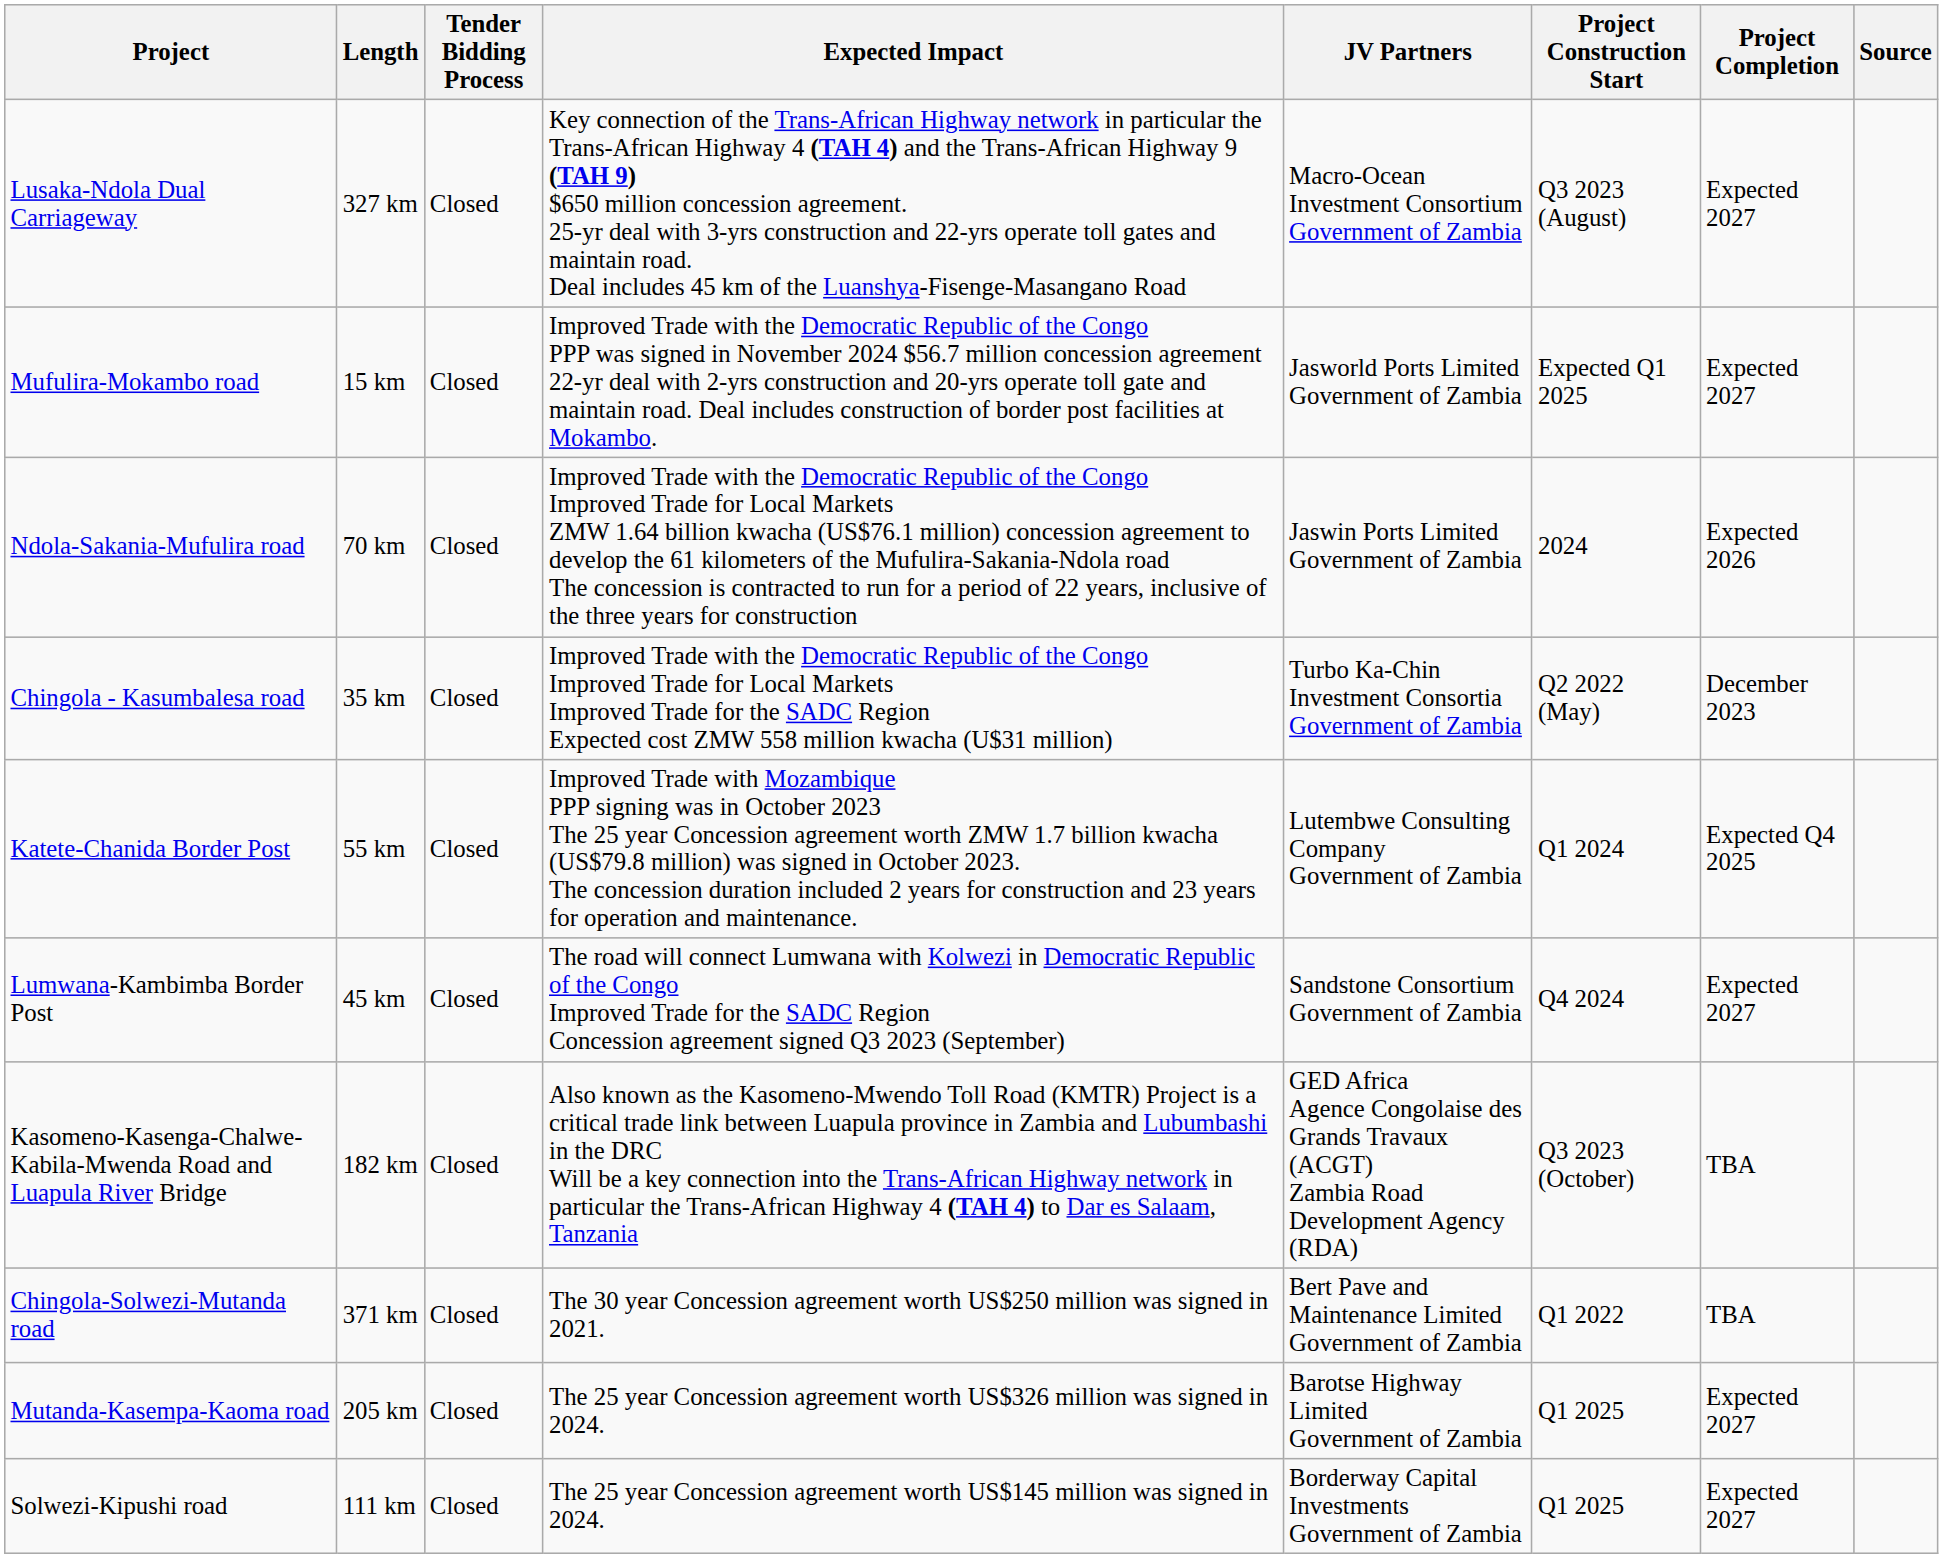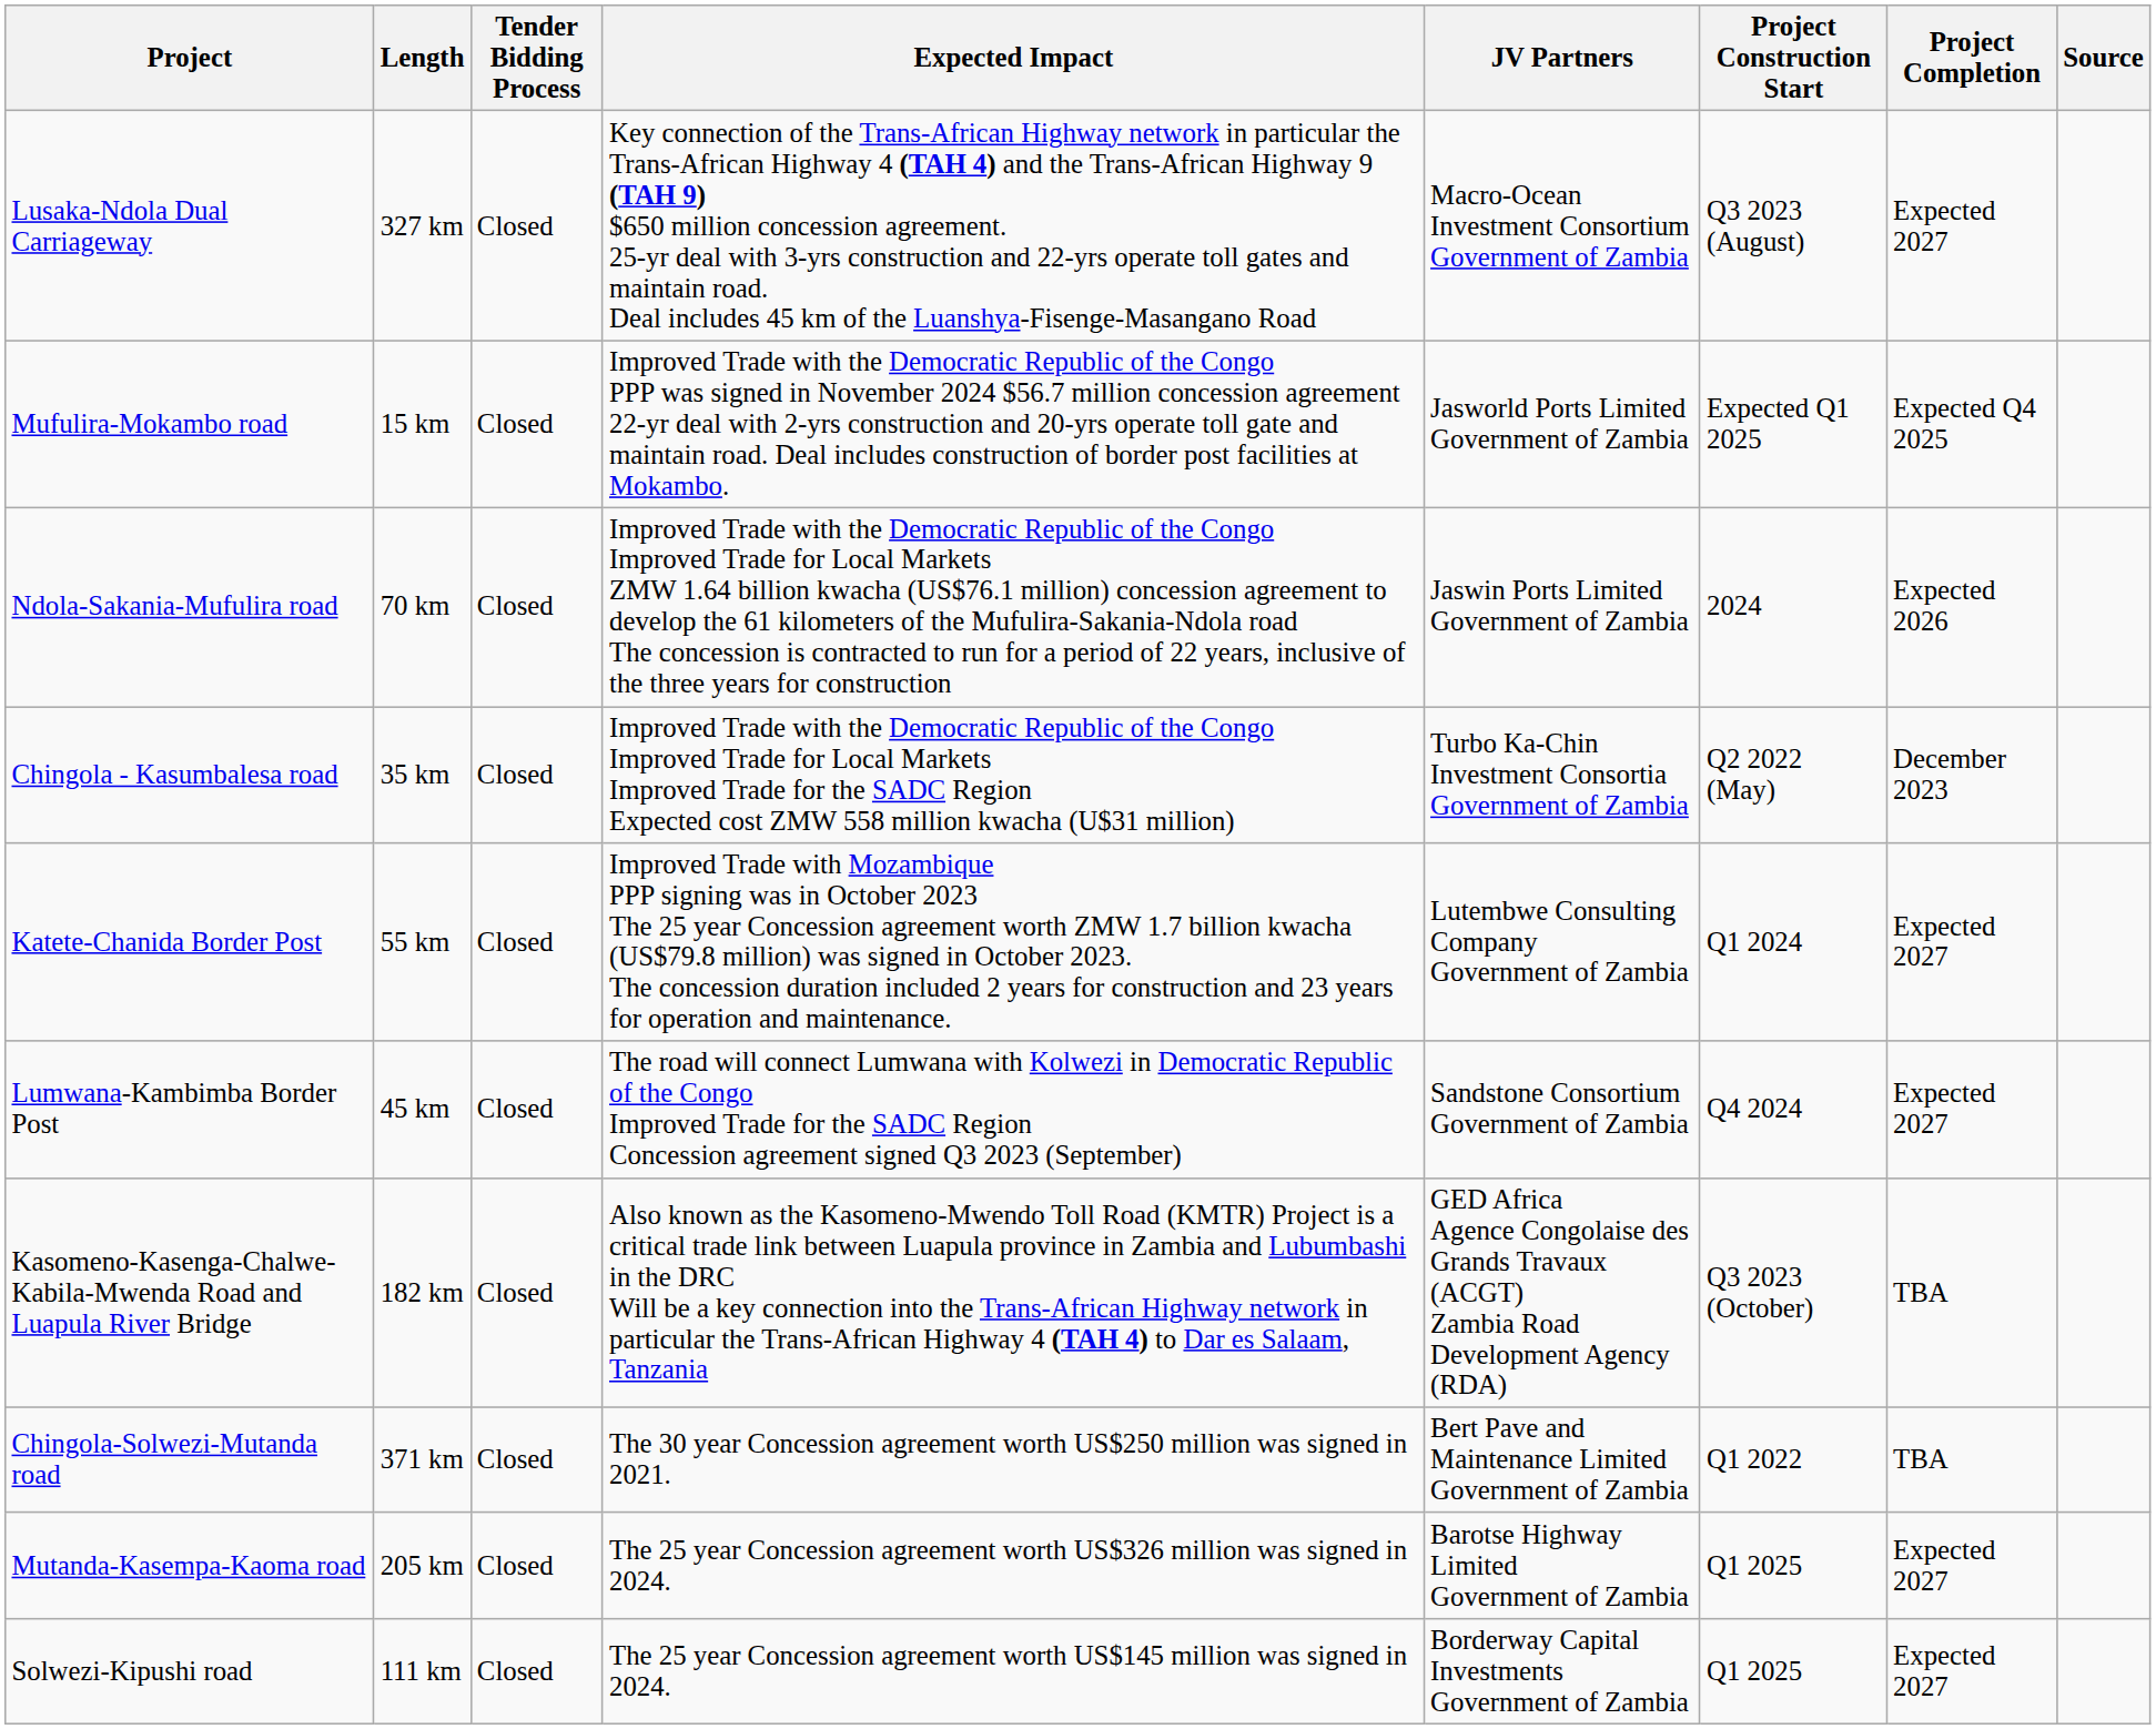 <table class="wikitable">
 <tr>
 <th>Project</th>
 <th>Length</th>
 <th>Tender Bidding<br>Process</th>
 <th>Expected Impact</th>
 <th>JV Partners</th>
 <th>Project<br>Construction Start</th>
 <th>Project<br>Completion</th>
 <th>Source</th>
 </tr>
 <tr>
 <td><a href='#'>Lusaka-Ndola Dual Carriageway</a></td>
 <td>327 km</td>
 <td>Closed</td>
 <td>Key connection of the <a href='#'>Trans-African Highway network</a> in particular the Trans-African Highway 4 <strong>(<a href='#'>TAH 4</a>)</strong> and the Trans-African Highway 9 <strong>(<a href='#'>TAH 9</a>)</strong><br>$650 million concession agreement.<br>25-yr deal with 3-yrs construction and 22-yrs operate toll gates and maintain road.<br>Deal includes 45 km of the <a href='#'>Luanshya</a>-Fisenge-Masangano Road</td>
 <td>Macro-Ocean Investment Consortium<br><a href='#'>Government of Zambia</a></td>
 <td>Q3 2023<br>(August)</td>
 <td>Expected 2027</td>
 <td></td>
 </tr>
 <tr>
 <td><a href='#'>Mufulira-Mokambo road</a></td>
 <td>15 km</td>
 <td>Closed</td>
 <td>Improved Trade with the <a href='#'>Democratic Republic of the Congo</a><br>PPP was signed in November 2024 $56.7 million concession agreement 22-yr deal with 2-yrs construction and 20-yrs operate toll gate and maintain road. Deal includes construction of border post facilities at <a href='#'>Mokambo</a>.</td>
 <td>Jasworld Ports Limited<br>Government of Zambia</td>
 <td>Expected Q1 2025</td>
-<td>Expected 2027</td>
+<td>Expected Q4 2025</td>
 <td></td>
 </tr>
 <tr>
 <td><a href='#'>Ndola-Sakania-Mufulira road</a></td>
 <td>70 km</td>
 <td>Closed</td>
 <td>Improved Trade with the <a href='#'>Democratic Republic of the Congo</a><br>Improved Trade for Local Markets<br>ZMW 1.64 billion kwacha (US$76.1 million) concession agreement to develop the 61 kilometers of the Mufulira-Sakania-Ndola road<br>The concession is contracted to run for a period of 22 years, inclusive of the three years for construction</td>
 <td>Jaswin Ports Limited<br>Government of Zambia</td>
 <td>2024</td>
 <td>Expected 2026</td>
 <td></td>
 </tr>
 <tr>
 <td><a href='#'>Chingola - Kasumbalesa road</a></td>
 <td>35 km</td>
 <td>Closed</td>
 <td>Improved Trade with the <a href='#'>Democratic Republic of the Congo</a><br>Improved Trade for Local Markets<br>Improved Trade for the <a href='#'>SADC</a> Region<br>Expected cost ZMW 558 million kwacha (U$31 million)</td>
 <td>Turbo Ka-Chin Investment Consortia<br><a href='#'>Government of Zambia</a></td>
 <td>Q2 2022<br>(May)</td>
 <td>December 2023</td>
 <td></td>
 </tr>
 <tr>
 <td><a href='#'>Katete-Chanida Border Post</a></td>
 <td>55 km</td>
 <td>Closed</td>
 <td>Improved Trade with <a href='#'>Mozambique</a><br>PPP signing was in October 2023<br>The 25 year Concession agreement worth ZMW 1.7 billion kwacha (US$79.8 million) was signed in October 2023.<br>The concession duration included 2 years for construction and 23 years for operation and maintenance.</td>
 <td>Lutembwe Consulting Company<br>Government of Zambia</td>
 <td>Q1 2024</td>
-<td>Expected Q4 2025</td>
+<td>Expected 2027</td>
 <td></td>
 </tr>
 <tr>
 <td><a href='#'>Lumwana</a>-Kambimba Border Post</td>
 <td>45 km</td>
 <td>Closed</td>
 <td>The road will connect Lumwana with <a href='#'>Kolwezi</a> in <a href='#'>Democratic Republic of the Congo</a><br>Improved Trade for the <a href='#'>SADC</a> Region<br>Concession agreement signed Q3 2023 (September)</td>
 <td>Sandstone Consortium<br>Government of Zambia</td>
 <td>Q4 2024</td>
 <td>Expected 2027</td>
 <td></td>
 </tr>
 <tr>
 <td>Kasomeno-Kasenga-Chalwe-Kabila-Mwenda Road and <a href='#'>Luapula River</a> Bridge</td>
 <td>182 km</td>
 <td>Closed</td>
 <td>Also known as the Kasomeno-Mwendo Toll Road (KMTR) Project is a critical trade link between Luapula province in Zambia and <a href='#'>Lubumbashi</a> in the DRC<br>Will be a  key connection into the <a href='#'>Trans-African Highway network</a> in particular the Trans-African Highway 4 <strong>(<a href='#'>TAH 4</a>)</strong> to <a href='#'>Dar es Salaam</a>, <a href='#'>Tanzania</a></td>
 <td>GED Africa<br>Agence Congolaise des Grands Travaux (ACGT)<br>Zambia Road Development Agency (RDA)</td>
 <td>Q3 2023 (October)</td>
 <td>TBA</td>
 <td></td>
 </tr>
 <tr>
 <td><a href='#'>Chingola-Solwezi-Mutanda road</a></td>
 <td>371 km</td>
 <td>Closed</td>
 <td>The 30 year Concession agreement worth US$250 million was signed in 2021.</td>
 <td>Bert Pave and Maintenance Limited<br>Government of Zambia</td>
 <td>Q1 2022</td>
 <td>TBA</td>
 <td></td>
 </tr>
 <tr>
 <td><a href='#'>Mutanda-Kasempa-Kaoma road</a></td>
 <td>205 km</td>
 <td>Closed</td>
 <td>The 25 year Concession agreement worth US$326 million was signed in 2024.</td>
 <td>Barotse Highway Limited<br>Government of Zambia</td>
 <td>Q1 2025</td>
 <td>Expected 2027</td>
 <td></td>
 </tr>
 <tr>
 <td>Solwezi-Kipushi road</td>
 <td>111 km</td>
 <td>Closed</td>
 <td>The 25 year Concession agreement worth US$145 million was signed in 2024.</td>
 <td>Borderway Capital Investments<br>Government of Zambia</td>
 <td>Q1 2025</td>
 <td>Expected 2027</td>
 <td></td>
 </tr>
 </table>
